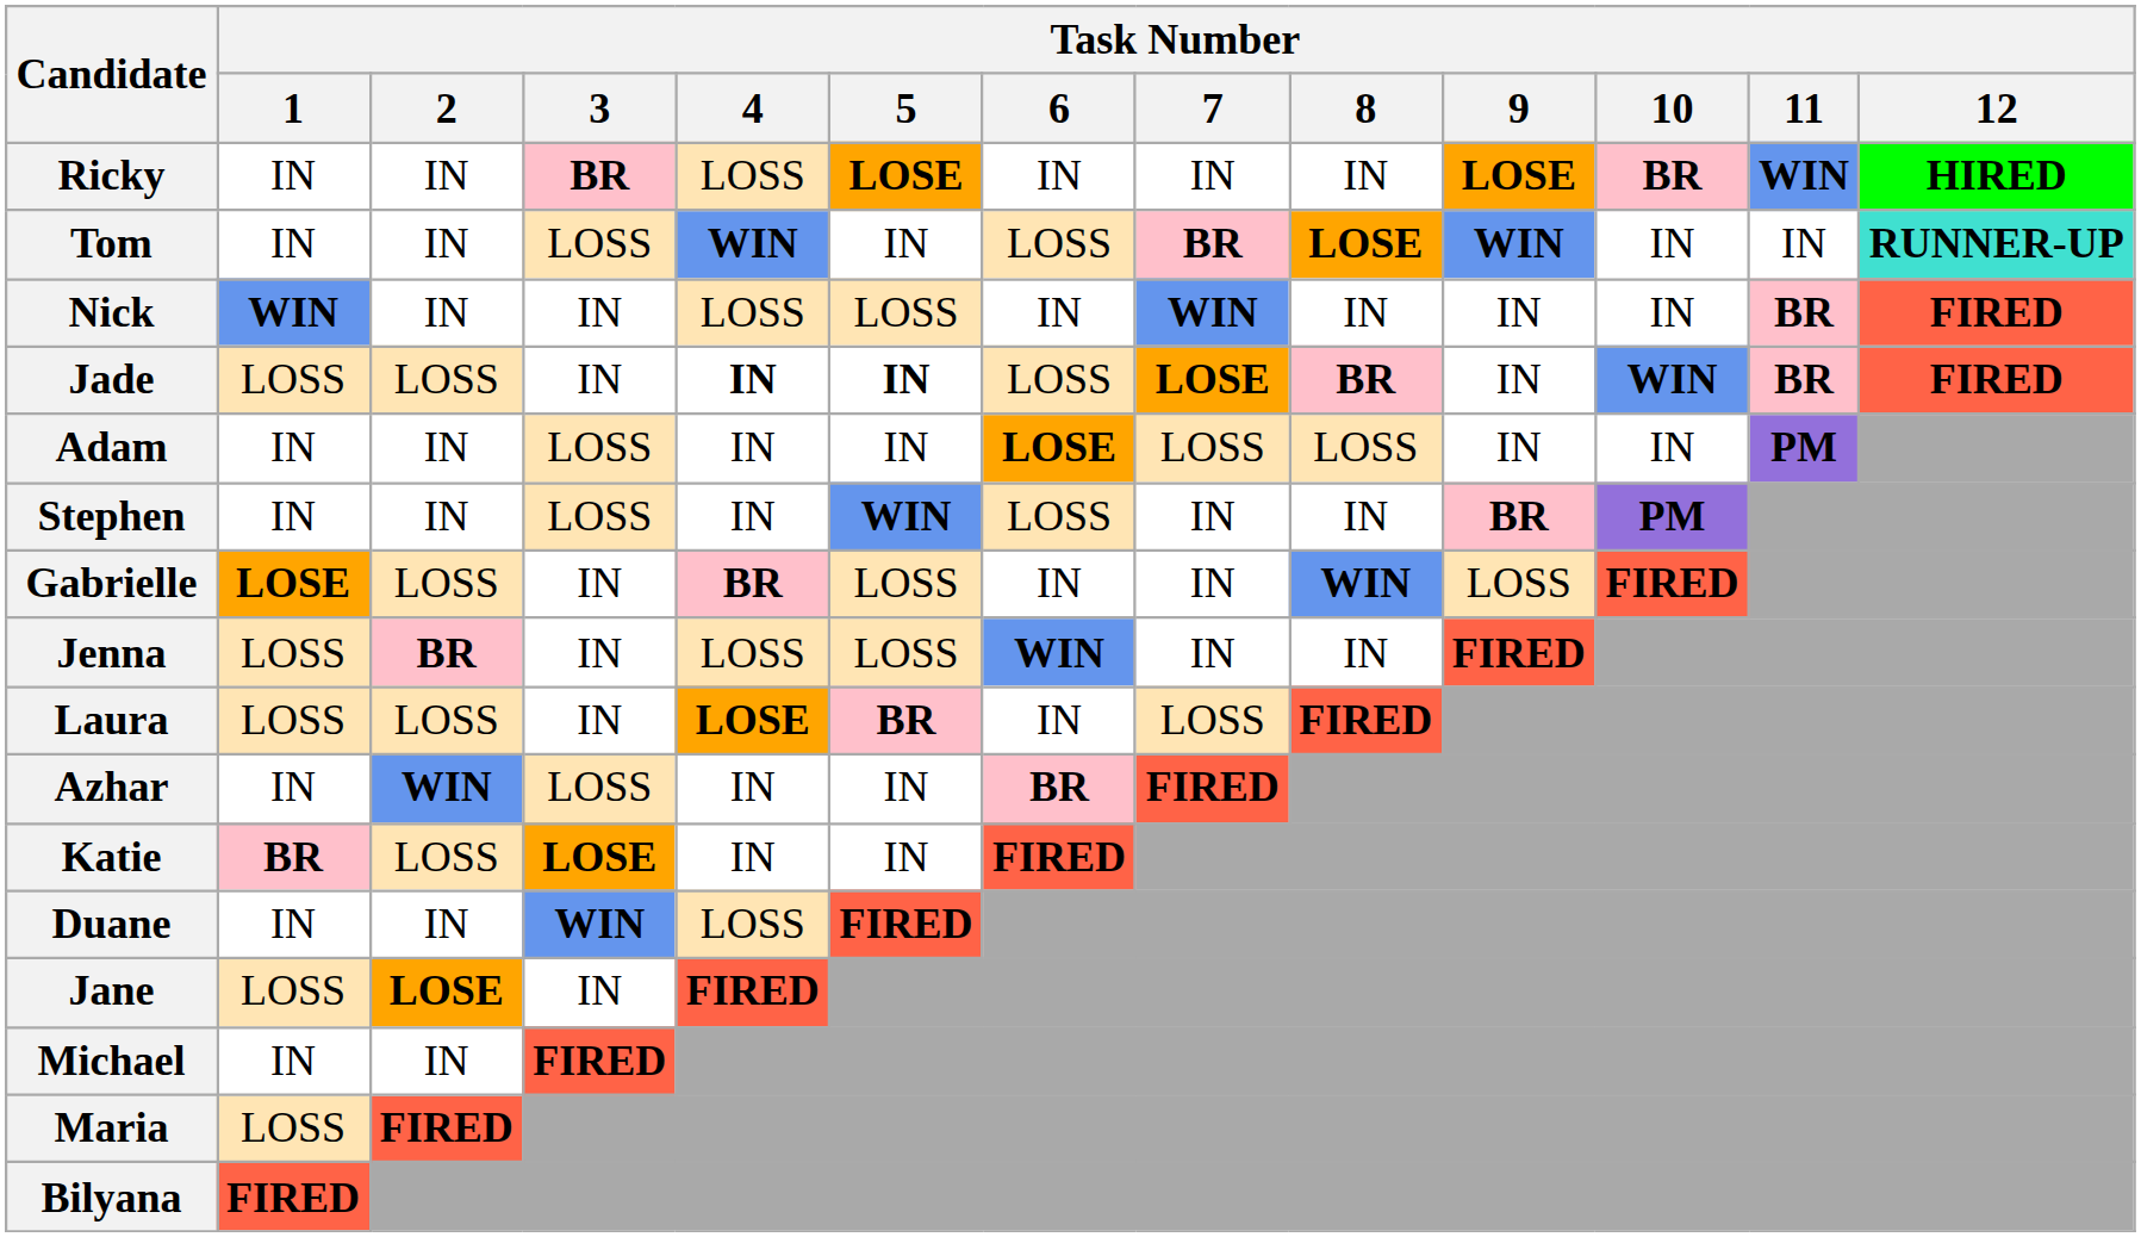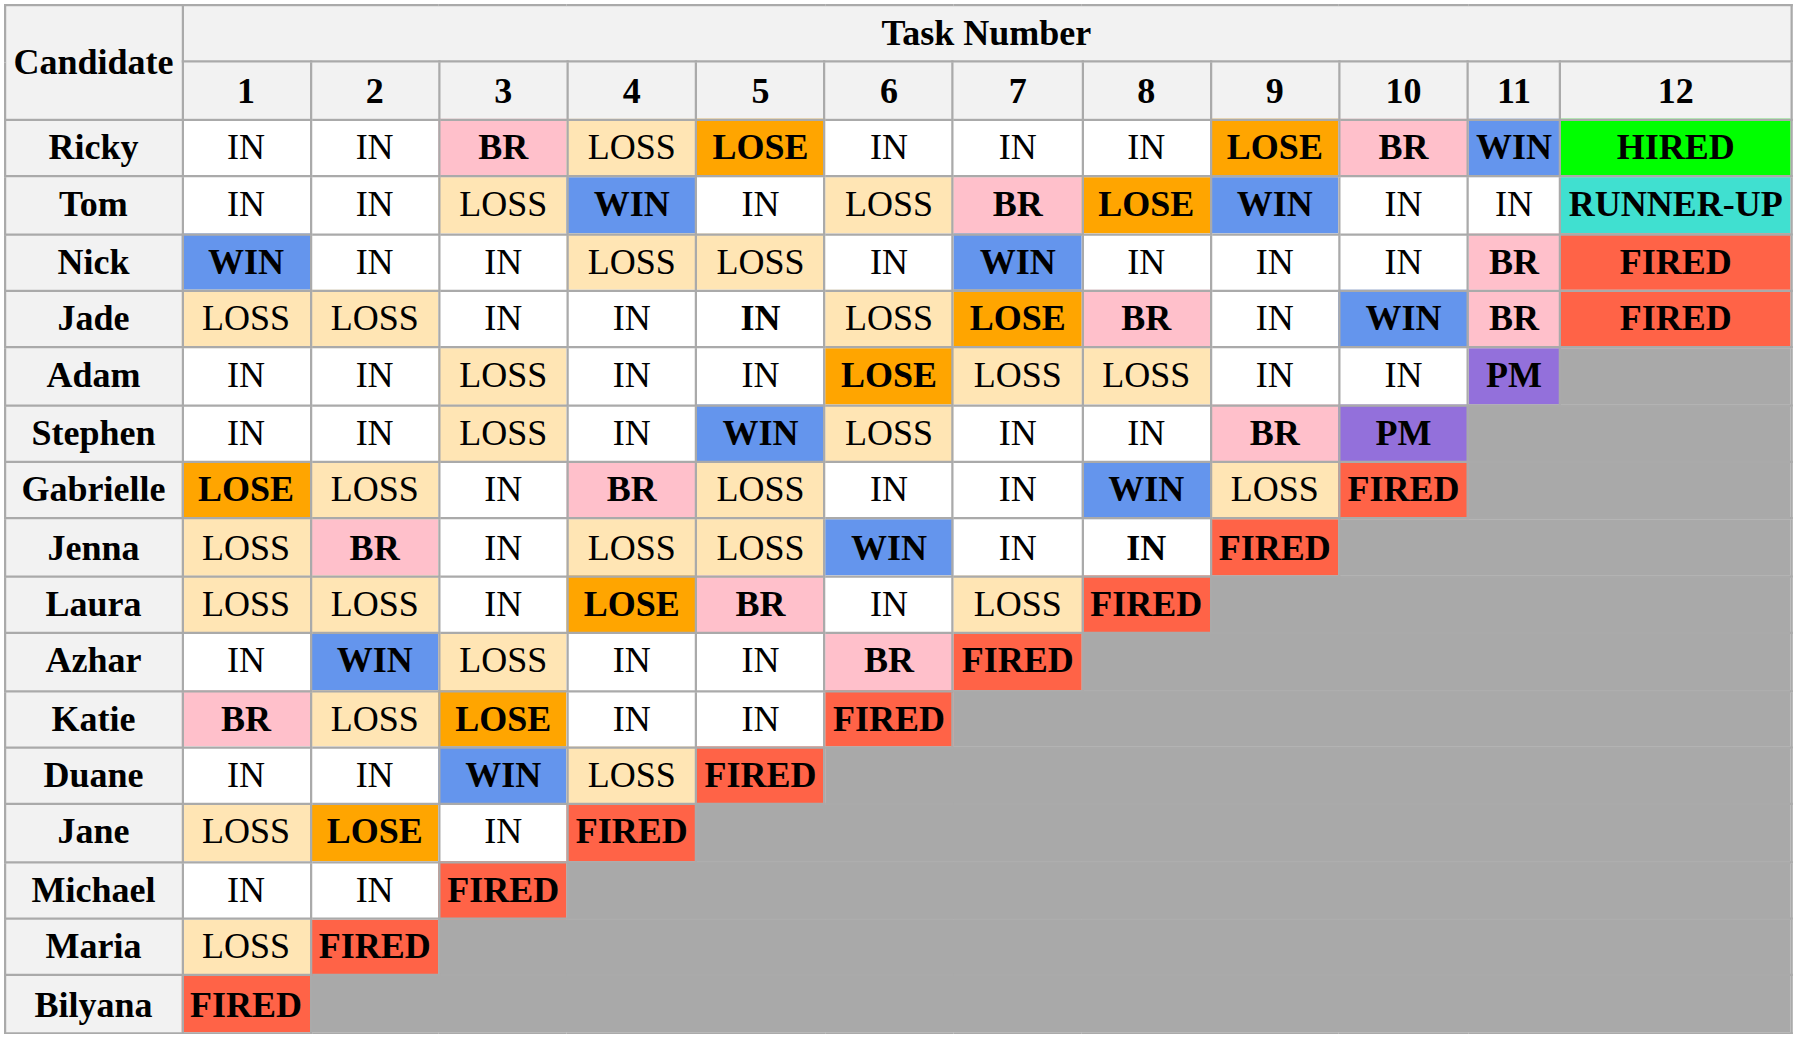 <table class="wikitable" style="text-align:center">
 <tr>
 <th rowspan="2">Candidate</th>
 <th colspan="13">Task Number</th>
 </tr>
 <tr>
 <th>1</th>
 <th>2</th>
 <th>3</th>
 <th>4</th>
 <th>5</th>
 <th>6</th>
 <th>7</th>
 <th>8</th>
 <th>9</th>
 <th>10</th>
 <th>11</th>
 <th>12</th>
 </tr>
 <tr>
 <th>Ricky</th>
 <td style="background:white;">IN</td>
 <td style="background:white;">IN</td>
 <td style="background:pink;"><strong>BR</strong></td>
 <td style="background:#FFE5B4;">LOSS</td>
 <td style="background:orange;"><strong>LOSE</strong></td>
 <td style="background:white;">IN</td>
 <td style="background:white;">IN</td>
 <td style="background:white;">IN</td>
 <td style="background:orange;"><strong>LOSE</strong></td>
 <td style="background:pink;"><strong>BR</strong></td>
 <td style="background:cornflowerblue;"><strong>WIN</strong></td>
 <td style="background:lime;"><strong>HIRED</strong></td>
 </tr>
 <tr>
 <th>Tom</th>
 <td style="background:white;">IN</td>
 <td style="background:white;">IN</td>
 <td style="background:#FFE5B4;">LOSS</td>
 <td style="background:cornflowerblue;"><strong>WIN</strong></td>
 <td style="background:white;">IN</td>
 <td style="background:#FFE5B4;">LOSS</td>
 <td style="background:pink;"><strong>BR</strong></td>
 <td style="background:orange;"><strong>LOSE</strong></td>
 <td style="background:cornflowerblue;"><strong>WIN</strong></td>
 <td style="background:white;">IN</td>
 <td style="background:white;">IN</td>
 <td style="background:turquoise;"><strong>RUNNER-UP</strong></td>
 </tr>
 <tr>
 <th>Nick</th>
 <td style="background:cornflowerblue;"><strong>WIN</strong></td>
 <td style="background:white;">IN</td>
 <td style="background:white;">IN</td>
 <td style="background:#FFE5B4;">LOSS</td>
 <td style="background:#FFE5B4;">LOSS</td>
 <td style="background:white;">IN</td>
 <td style="background:cornflowerblue;"><strong>WIN</strong></td>
 <td style="background:white;">IN</td>
 <td style="background:white;">IN</td>
 <td style="background:white;">IN</td>
 <td style="background:pink;"><strong>BR</strong></td>
 <td style="background:tomato;"><strong>FIRED</strong></td>
 </tr>
 <tr>
 <th>Jade</th>
 <td style="background:#FFE5B4;">LOSS</td>
 <td style="background:#FFE5B4;">LOSS</td>
 <td style="background:white;">IN</td>
-<td style="background:white;"><strong>IN</strong></td>
+<td style="background:white;">IN</td>
 <td style="background:white;"><strong>IN</strong></td>
 <td style="background:#FFE5B4;">LOSS</td>
 <td style="background:orange;"><strong>LOSE</strong></td>
 <td style="background:pink;"><strong>BR</strong></td>
 <td style="background:white;">IN</td>
 <td style="background:cornflowerblue;"><strong>WIN</strong></td>
 <td style="background:pink;"><strong>BR</strong></td>
 <td style="background:tomato;"><strong>FIRED</strong></td>
 </tr>
 <tr>
 <th>Adam</th>
 <td style="background:white;">IN</td>
 <td style="background:white;">IN</td>
 <td style="background:#FFE5B4;">LOSS</td>
 <td style="background:white;">IN</td>
 <td style="background:white;">IN</td>
 <td style="background:orange;"><strong>LOSE</strong></td>
 <td style="background:#FFE5B4;">LOSS</td>
 <td style="background:#FFE5B4;">LOSS</td>
 <td style="background:white;">IN</td>
 <td style="background:white;">IN</td>
 <td style="background:#9370DB;"><strong>PM</strong></td>
 <td colspan="1" style="background:darkgrey;"></td>
 </tr>
 <tr>
 <th>Stephen</th>
 <td style="background:white;">IN</td>
 <td style="background:white;">IN</td>
 <td style="background:#FFE5B4;">LOSS</td>
 <td style="background:white;">IN</td>
 <td style="background:cornflowerblue;"><strong>WIN</strong></td>
 <td style="background:#FFE5B4;">LOSS</td>
 <td style="background:white;">IN</td>
 <td style="background:white;">IN</td>
 <td style="background:pink;"><strong>BR</strong></td>
 <td style="background:#9370DB;"><strong>PM</strong></td>
 <td colspan="2" style="background:darkgrey;"></td>
 </tr>
 <tr>
 <th>Gabrielle</th>
 <td style="background:orange;"><strong>LOSE</strong></td>
 <td style="background:#FFE5B4;">LOSS</td>
 <td style="background:white;">IN</td>
 <td style="background:pink;"><strong>BR</strong></td>
 <td style="background:#FFE5B4;">LOSS</td>
 <td style="background:white;">IN</td>
 <td style="background:white;">IN</td>
 <td style="background:cornflowerblue;"><strong>WIN</strong></td>
 <td style="background:#FFE5B4;">LOSS</td>
 <td style="background:tomato;"><strong>FIRED</strong></td>
 <td colspan="2" style="background:darkgrey;"></td>
 </tr>
 <tr>
 <th>Jenna</th>
 <td style="background:#FFE5B4;">LOSS</td>
 <td style="background:pink;"><strong>BR</strong></td>
 <td style="background:white;">IN</td>
 <td style="background:#FFE5B4;">LOSS</td>
 <td style="background:#FFE5B4;">LOSS</td>
 <td style="background:cornflowerblue;"><strong>WIN</strong></td>
 <td style="background:white;">IN</td>
-<td style="background:white;">IN</td>
+<td style="background:white;"><strong>IN</strong></td>
 <td style="background:tomato;"><strong>FIRED</strong></td>
 <td colspan="3" style="background:darkgrey;"></td>
 </tr>
 <tr>
 <th>Laura</th>
 <td style="background:#FFE5B4;">LOSS</td>
 <td style="background:#FFE5B4;">LOSS</td>
 <td style="background:white;">IN</td>
 <td style="background:orange;"><strong>LOSE</strong></td>
 <td style="background:pink;"><strong>BR</strong></td>
 <td style="background:white;">IN</td>
 <td style="background:#FFE5B4;">LOSS</td>
 <td style="background:tomato;"><strong>FIRED</strong></td>
 <td colspan="4" style="background:darkgrey;"></td>
 </tr>
 <tr>
 <th>Azhar</th>
 <td style="background:white;">IN</td>
 <td style="background:cornflowerblue;"><strong>WIN</strong></td>
 <td style="background:#FFE5B4;">LOSS</td>
 <td style="background:white;">IN</td>
 <td style="background:white;">IN</td>
 <td style="background:pink;"><strong>BR</strong></td>
 <td style="background:tomato;"><strong>FIRED</strong></td>
 <td colspan="5" style="background:darkgrey;"></td>
 </tr>
 <tr>
 <th>Katie</th>
 <td style="background:pink;"><strong>BR</strong></td>
 <td style="background:#FFE5B4;">LOSS</td>
 <td style="background:orange;"><strong>LOSE</strong></td>
 <td style="background:white;">IN</td>
 <td style="background:white;">IN</td>
 <td style="background:tomato;"><strong>FIRED</strong></td>
 <td colspan="6" style="background:darkgrey;"></td>
 </tr>
 <tr>
 <th>Duane</th>
 <td style="background:white;">IN</td>
 <td style="background:white;">IN</td>
 <td style="background:cornflowerblue;"><strong>WIN</strong></td>
 <td style="background:#FFE5B4;">LOSS</td>
 <td style="background:tomato;"><strong>FIRED</strong></td>
 <td colspan="7" style="background:darkgrey;"></td>
 </tr>
 <tr>
 <th>Jane</th>
 <td style="background:#FFE5B4;">LOSS</td>
 <td style="background:orange;"><strong>LOSE</strong></td>
 <td style="background:white;">IN</td>
 <td style="background:tomato;"><strong>FIRED</strong></td>
 <td colspan="8" style="background:darkgrey;"></td>
 </tr>
 <tr>
 <th>Michael</th>
 <td style="background:white;">IN</td>
 <td style="background:white;">IN</td>
 <td style="background:tomato;"><strong>FIRED</strong></td>
 <td colspan="9" style="background:darkgrey;"></td>
 </tr>
 <tr>
 <th>Maria</th>
 <td style="background:#FFE5B4;">LOSS</td>
 <td style="background:tomato;"><strong>FIRED</strong></td>
 <td colspan="10" style="background:darkgrey;"></td>
 </tr>
 <tr>
 <th>Bilyana</th>
 <td style="background:tomato;"><strong>FIRED</strong></td>
 <td colspan="11" style="background:darkgrey;"></td>
 </tr>
 </table>
